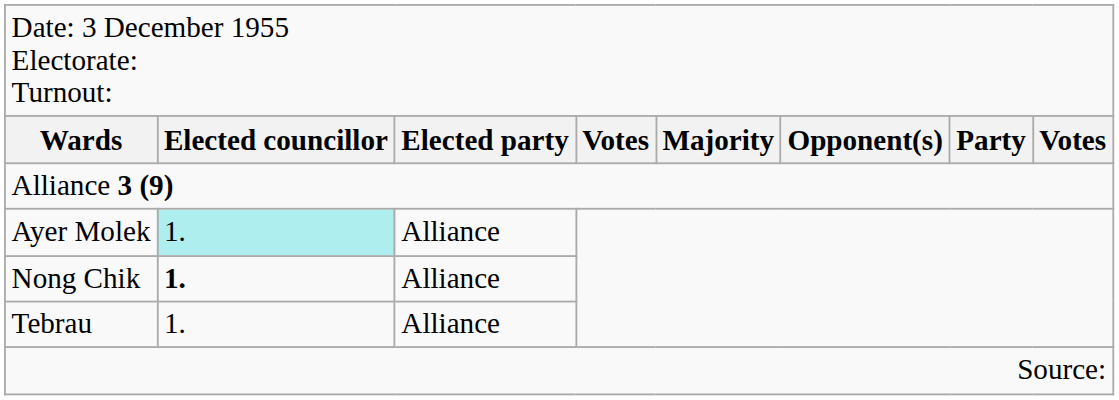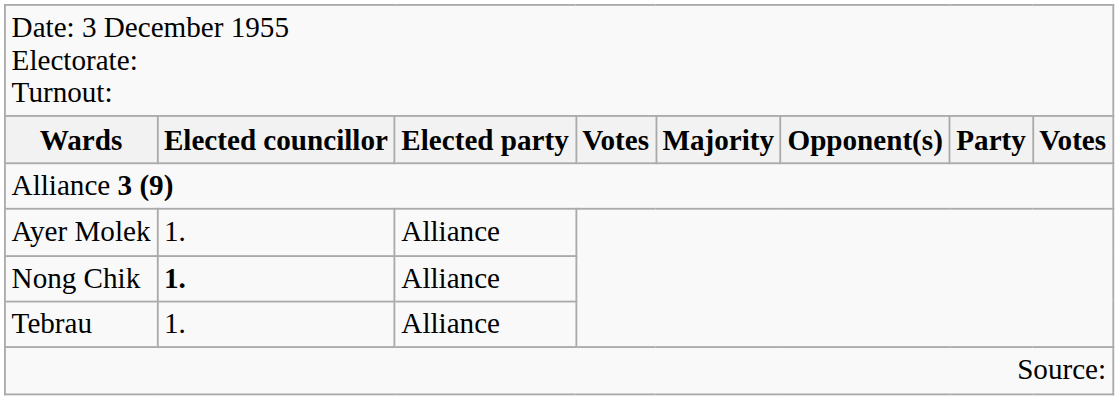 <table class=wikitable>
 <tr>
 <td colspan=8>Date: 3 December 1955<br>Electorate: <br>Turnout:</td>
 </tr>
 <tr>
 <th>Wards</th>
 <th>Elected councillor</th>
 <th>Elected party</th>
 <th>Votes</th>
 <th>Majority</th>
 <th>Opponent(s)</th>
 <th>Party</th>
 <th>Votes</th>
 </tr>
 <tr>
 <td colspan=8>Alliance <strong>3 (9)</strong> </td>
 </tr>
 <tr>
 <td>Ayer Molek</td>
-<td style="background: paleturquoise;">1.</td>
+<td>1.</td>
 <td>Alliance</td>
 </tr>
 <tr>
 <td>Nong Chik</td>
 <td><strong>1.</strong></td>
 <td>Alliance</td>
 </tr>
 <tr>
 <td>Tebrau</td>
 <td>1.</td>
 <td>Alliance</td>
 </tr>
 <tr>
 <td colspan="8" style="text-align:right;">Source: </td>
 </tr>
 </table>
